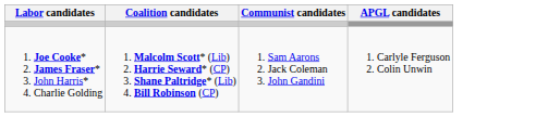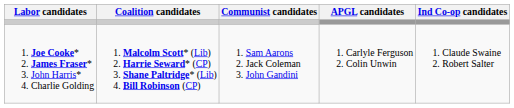 <table class="wikitable">
 <tr>
 <th><a href='#'>Labor</a> candidates</th>
 <th><a href='#'>Coalition</a> candidates</th>
 <th><a href='#'>Communist</a> candidates</th>
 <th><a href='#'>APGL</a> candidates</th>
+<th><a href='#'>Ind Co-op</a> candidates</th>
 </tr>
 <tr bgcolor="#cccccc">
 <td></td>
 <td></td>
 <td></td>
+<td bgcolor="#999999"></td>
 <td bgcolor="#999999"></td>
 </tr>
 <tr>
 <td><br><ol><li><strong><a href='#'>Joe Cooke</a></strong>*</li><li><strong><a href='#'>James Fraser</a></strong>*</li><li><a href='#'>John Harris</a>*</li><li>Charlie Golding</li></ol></td>
 <td><br><ol><li><strong><a href='#'>Malcolm Scott</a></strong>* (<a href='#'>Lib</a>)</li><li><strong><a href='#'>Harrie Seward</a></strong>* (<a href='#'>CP</a>)</li><li><strong><a href='#'>Shane Paltridge</a></strong>* (<a href='#'>Lib</a>)</li><li><strong><a href='#'>Bill Robinson</a></strong> (<a href='#'>CP</a>)</li></ol></td>
 <td valign=top><br><ol><li><a href='#'>Sam Aarons</a></li><li>Jack Coleman</li><li><a href='#'>John Gandini</a></li></ol></td>
 <td valign=top><br><ol><li>Carlyle Ferguson</li><li>Colin Unwin</li></ol></td>
+<td valign=top><br><ol><li>Claude Swaine</li><li>Robert Salter</li></ol></td>
 </tr>
 </table>
